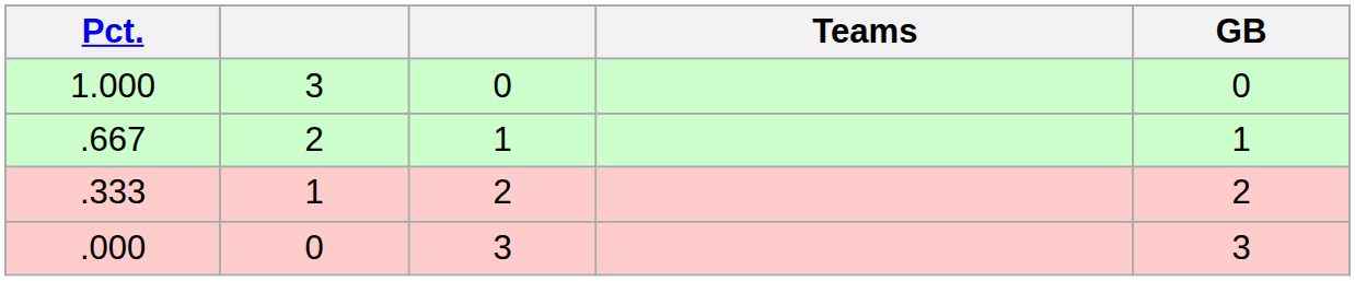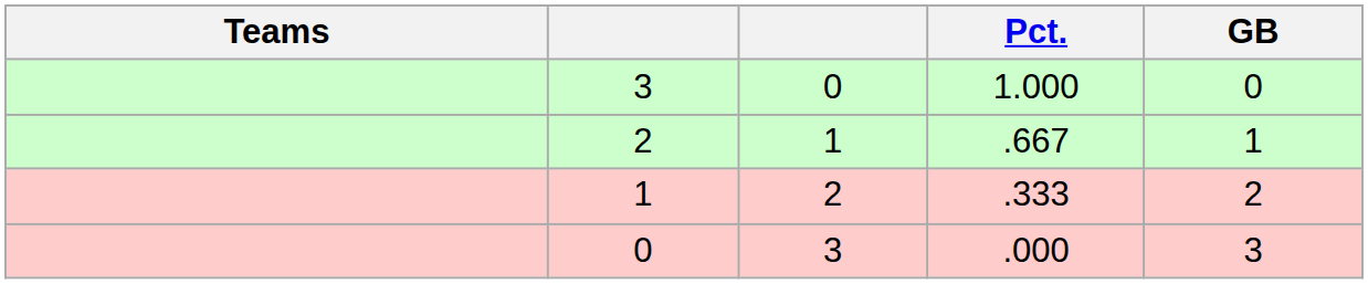 <table class="wikitable" width="40%" style="text-align:center;">
 <tr>
-<th width="8%"><a href='#'>Pct.</a></th>
+<th width="20%">Teams</th>
 <th width="7%"></th>
 <th width="7%"></th>
-<th width="20%">Teams</th>
+<th width="8%"><a href='#'>Pct.</a></th>
 <th width="8%">GB</th>
 </tr>
 <tr bgcolor="#ccffcc">
-<td>1.000</td>
+<td align=left></td>
 <td>3</td>
 <td>0</td>
-<td align=left></td>
+<td>1.000</td>
 <td>0</td>
 </tr>
 <tr bgcolor="#ccffcc">
-<td>.667</td>
+<td align=left></td>
 <td>2</td>
 <td>1</td>
-<td align=left></td>
+<td>.667</td>
 <td>1</td>
 </tr>
 <tr bgcolor="#ffcccc">
-<td>.333</td>
+<td align=left></td>
 <td>1</td>
 <td>2</td>
-<td align=left></td>
+<td>.333</td>
 <td>2</td>
 </tr>
 <tr bgcolor="#ffcccc">
-<td>.000</td>
+<td align=left></td>
 <td>0</td>
 <td>3</td>
-<td align=left></td>
+<td>.000</td>
 <td>3</td>
 </tr>
 </table>
